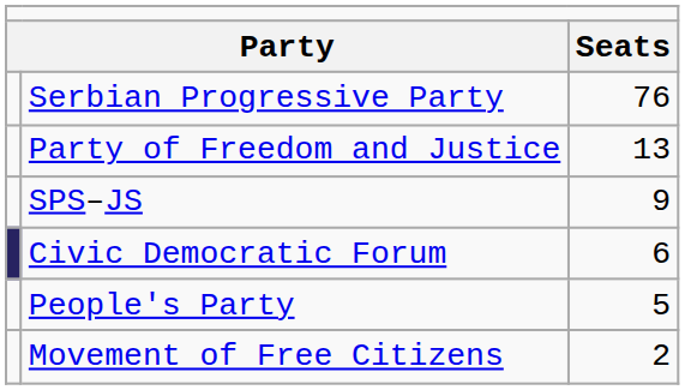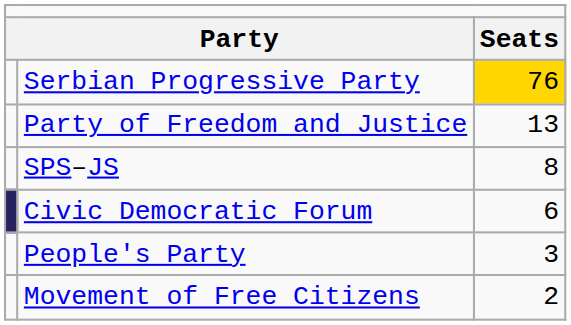 <table class="wikitable" style="text-align:right">
 <tr>
 <td colspan="7"></td>
 </tr>
 <tr>
 <th colspan="2">Party</th>
 <th>Seats</th>
 </tr>
 <tr>
 <td></td>
 <td align="left"><a href='#'>Serbian Progressive Party</a></td>
-<td>76</td>
+<td style="background: gold;">76</td>
 </tr>
 <tr>
 <td></td>
 <td align="left"><a href='#'>Party of Freedom and Justice</a></td>
 <td>13</td>
 </tr>
 <tr>
 <td></td>
 <td align="left"><a href='#'>SPS</a>–<a href='#'>JS</a></td>
-<td>9</td>
+<td>8</td>
 </tr>
 <tr>
 <td bgcolor="#272361"></td>
 <td align="left"><a href='#'>Civic Democratic Forum</a></td>
 <td>6</td>
 </tr>
 <tr>
 <td></td>
 <td align="left"><a href='#'>People's Party</a></td>
-<td>5</td>
+<td>3</td>
 </tr>
 <tr>
 <td></td>
 <td align="left"><a href='#'>Movement of Free Citizens</a></td>
 <td>2</td>
 </tr>
 </table>
